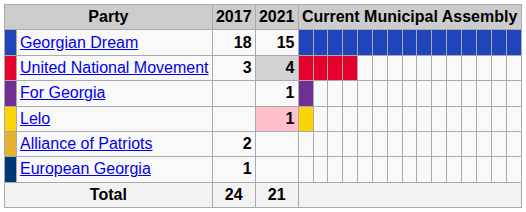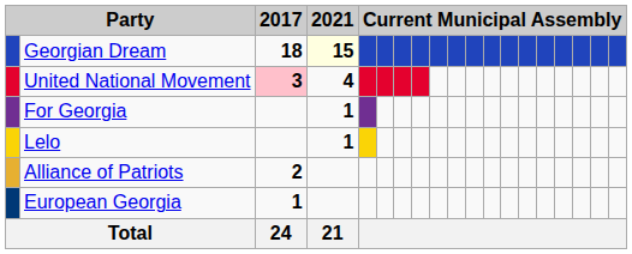 <table class="wikitable">
 <tr>
 <th style="background:#ccc" colspan="2">Party</th>
 <th style="background:#ccc">2017</th>
 <th style="background:#ccc">2021</th>
 <th style="background:#ccc" colspan="45">Current Municipal Assembly</th>
 </tr>
 <tr>
 <td style="background-color: #2044bc"> </td>
 <td><a href='#'>Georgian Dream</a></td>
 <td style="text-align: right"><strong>18</strong></td>
-<td style="text-align: right"><strong>15</strong></td>
+<td style="background: lightyellow; text-align: right"><strong>15</strong></td>
 <td style="background-color:#2044bc"></td>
 <td style="background-color:#2044bc"> </td>
 <td style="background-color:#2044bc"> </td>
 <td style="background-color:#2044bc"> </td>
 <td style="background-color:#2044bc"> </td>
 <td style="background-color:#2044bc"> </td>
 <td style="background-color:#2044bc"> </td>
 <td style="background-color:#2044bc"> </td>
 <td style="background-color:#2044bc"> </td>
 <td style="background-color:#2044bc"> </td>
 <td style="background-color:#2044bc"> </td>
 <td style="background-color:#2044bc"> </td>
 <td style="background-color:#2044bc"> </td>
 <td style="background-color:#2044bc"> </td>
 <td style="background-color:#2044bc"> </td>
 </tr>
 <tr>
 <td style="background-color: #e4012e"> </td>
 <td><a href='#'>United National Movement</a></td>
-<td style="text-align: right"><strong>3</strong></td>
-<td style="background: lightgrey; text-align: right"><strong>4</strong></td>
+<td style="background: pink; text-align: right"><strong>3</strong></td>
+<td style="text-align: right"><strong>4</strong></td>
 <td style="background-color: #e4012e"> </td>
 <td style="background-color: #e4012e"> </td>
 <td style="background-color: #e4012e"> </td>
 <td style="background-color: #e4012e"> </td>
 <td></td>
 <td></td>
 <td></td>
 <td></td>
 <td></td>
 <td></td>
 <td></td>
 <td></td>
 <td></td>
 <td></td>
 <td></td>
 </tr>
 <tr>
 <td style="background-color: #702F92"> </td>
 <td><a href='#'>For Georgia</a></td>
 <td></td>
 <td style="text-align: right"><strong>1</strong></td>
 <td style="background-color: #702f92"> </td>
 <td></td>
 <td></td>
 <td></td>
 <td></td>
 <td></td>
 <td></td>
 <td></td>
 <td></td>
 <td></td>
 <td></td>
 <td></td>
 <td></td>
 <td></td>
 <td></td>
 </tr>
 <tr>
 <td style="background-color: #fad406"> </td>
 <td><a href='#'>Lelo</a></td>
 <td></td>
-<td style="background: pink; text-align: right"><strong>1</strong></td>
+<td style="text-align: right"><strong>1</strong></td>
 <td style="background-color: #fad406"> </td>
 <td></td>
 <td></td>
 <td></td>
 <td></td>
 <td></td>
 <td></td>
 <td></td>
 <td></td>
 <td></td>
 <td></td>
 <td></td>
 <td></td>
 <td></td>
 <td></td>
 </tr>
 <tr>
 <td style="background-color: #e7b031"> </td>
 <td><a href='#'>Alliance of Patriots</a></td>
 <td style="text-align: right"><strong>2</strong></td>
 <td></td>
 <td></td>
 <td></td>
 <td></td>
 <td></td>
 <td></td>
 <td></td>
 <td></td>
 <td></td>
 <td></td>
 <td></td>
 <td></td>
 <td></td>
 <td></td>
 <td></td>
 <td></td>
 </tr>
 <tr>
 <td style="background-color: #003876"> </td>
 <td><a href='#'>European Georgia</a></td>
 <td style="text-align: right"><strong>1</strong></td>
 <td></td>
 <td></td>
 <td></td>
 <td></td>
 <td></td>
 <td></td>
 <td></td>
 <td></td>
 <td></td>
 <td></td>
 <td></td>
 <td></td>
 <td></td>
 <td></td>
 <td></td>
 <td></td>
 </tr>
 <tr>
 <th colspan=2>Total</th>
 <th align=right>24</th>
 <th align=right>21</th>
 <th colspan=45> </th>
 </tr>
 </table>
